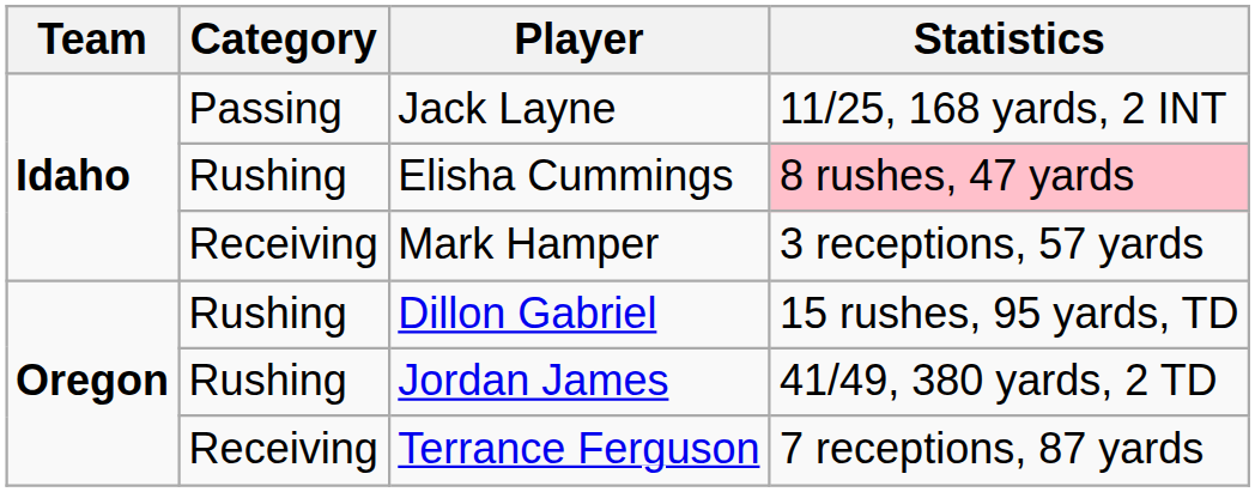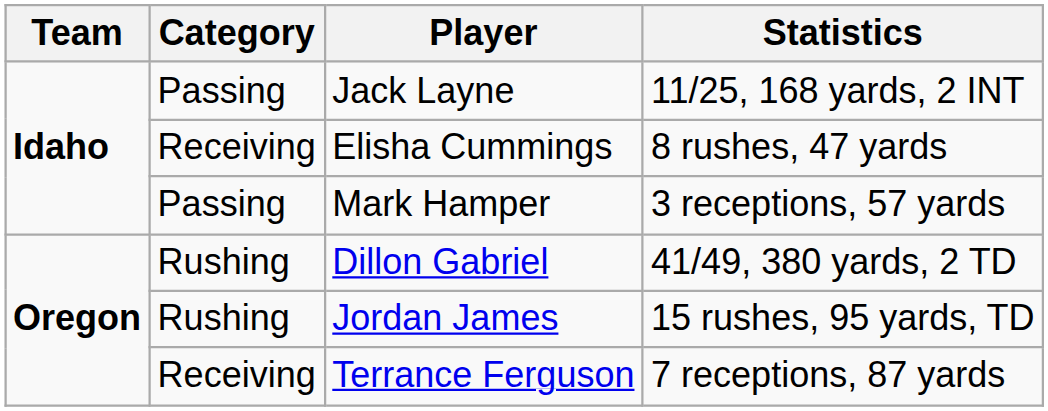 <table class="wikitable" style="float: right;">
 <tr>
 <th>Team</th>
 <th>Category</th>
 <th>Player</th>
 <th>Statistics</th>
 </tr>
 <tr>
 <td rowspan=3><strong>Idaho</strong></td>
 <td>Passing</td>
 <td>Jack Layne</td>
 <td>11/25, 168 yards, 2 INT</td>
 </tr>
 <tr>
-<td>Rushing</td>
+<td>Receiving</td>
 <td>Elisha Cummings</td>
-<td style="background: pink;">8 rushes, 47 yards</td>
+<td>8 rushes, 47 yards</td>
 </tr>
 <tr>
-<td>Receiving</td>
+<td>Passing</td>
 <td>Mark Hamper</td>
 <td>3 receptions, 57 yards</td>
 </tr>
 <tr>
 <td rowspan=3><strong>Oregon</strong></td>
 <td>Rushing</td>
 <td><a href='#'>Dillon Gabriel</a></td>
-<td>15 rushes, 95 yards, TD</td>
+<td>41/49, 380 yards, 2 TD</td>
 </tr>
 <tr>
 <td>Rushing</td>
 <td><a href='#'>Jordan James</a></td>
-<td>41/49, 380 yards, 2 TD</td>
+<td>15 rushes, 95 yards, TD</td>
 </tr>
 <tr>
 <td>Receiving</td>
 <td><a href='#'>Terrance Ferguson</a></td>
 <td>7 receptions, 87 yards</td>
 </tr>
 </table>
